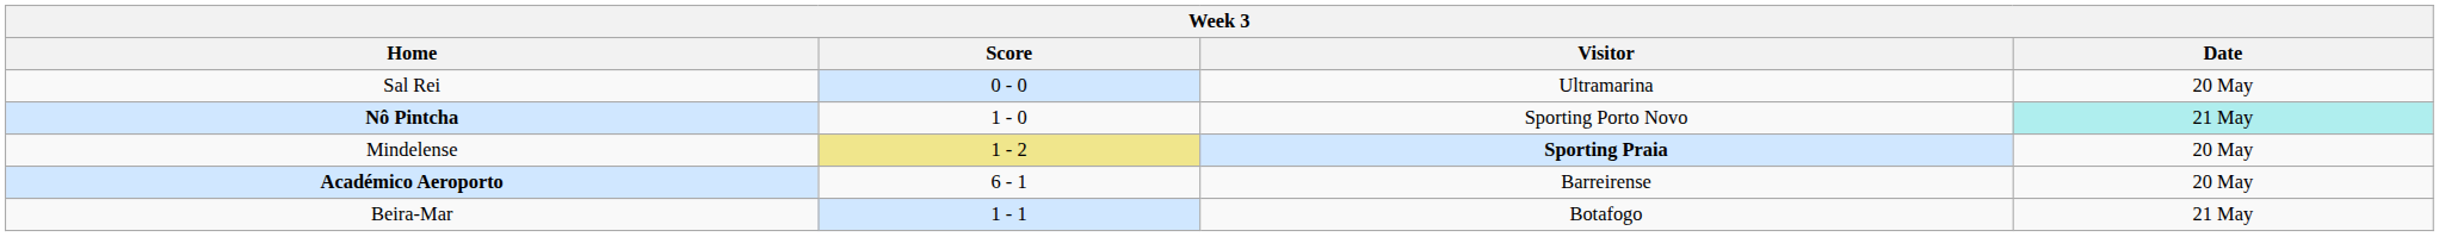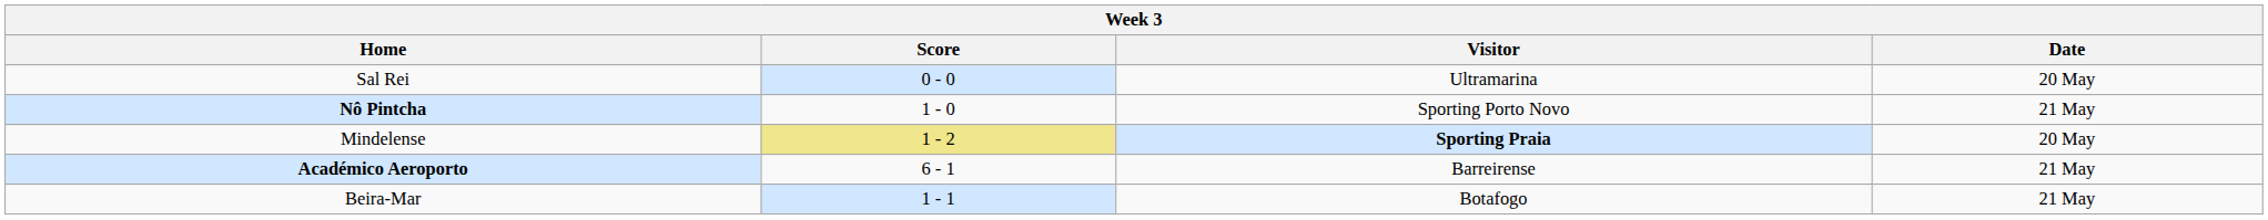 <table class="wikitable" style="font-size:95%; text-align: center; width: 95%;">
 <tr>
 <th colspan="12" style="with: 100%;" align=center>Week 3</th>
 </tr>
 <tr>
 <th width="200">Home</th>
 <th width="90">Score</th>
 <th width="200">Visitor</th>
 <th width="100">Date</th>
 </tr>
 <tr align=center>
 <td>Sal Rei</td>
 <td bgcolor=#D0E7FF>0 - 0</td>
 <td>Ultramarina</td>
 <td>20 May</td>
 </tr>
 <tr align=center>
 <td bgcolor=#D0E7FF><strong>Nô Pintcha</strong></td>
 <td>1 - 0</td>
 <td>Sporting Porto Novo</td>
-<td style="background: paleturquoise;">21 May</td>
+<td>21 May</td>
 </tr>
 <tr align=center>
 <td>Mindelense</td>
 <td style="background: khaki;">1 - 2</td>
 <td bgcolor=#D0E7FF><strong>Sporting Praia</strong></td>
 <td>20 May</td>
 </tr>
 <tr align=center>
 <td bgcolor=#D0E7FF><strong>Académico Aeroporto</strong></td>
 <td>6 - 1</td>
 <td>Barreirense</td>
-<td>20 May</td>
+<td>21 May</td>
 </tr>
 <tr align=center>
 <td>Beira-Mar</td>
 <td bgcolor=#D0E7FF>1 - 1</td>
 <td>Botafogo</td>
 <td>21 May</td>
 </tr>
 </table>
